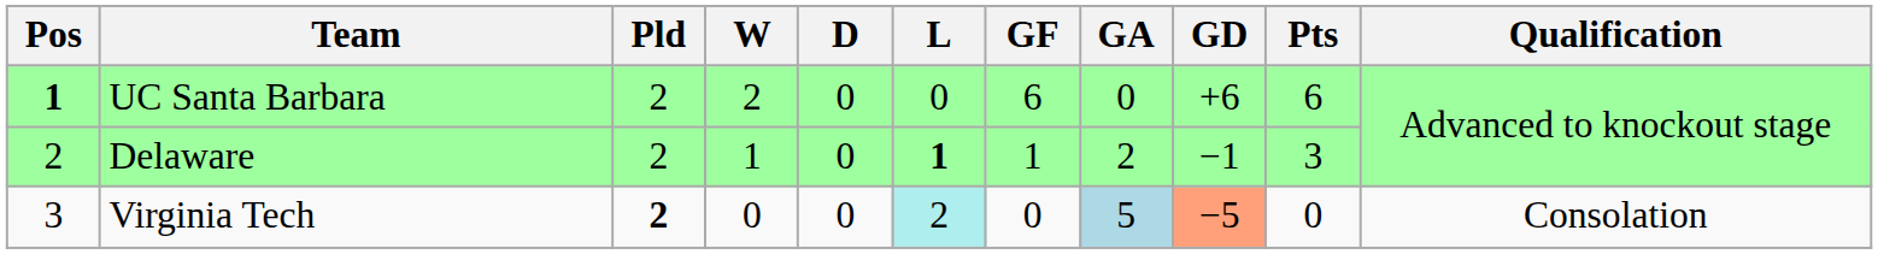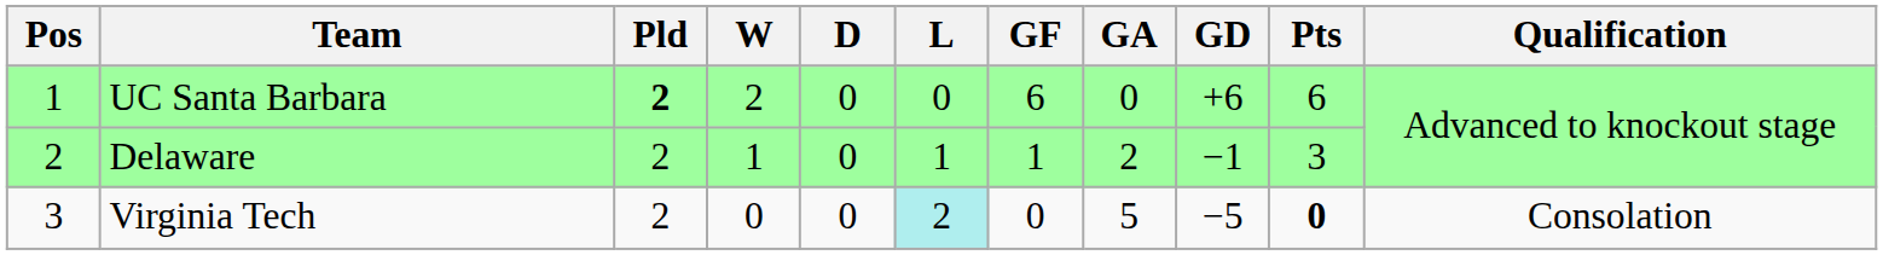 <table class="wikitable" style="text-align:center; margin: 1em auto">
 <tr>
 <th style="width:2em">Pos</th>
 <th style="width:13em">Team</th>
 <th style="width:2em">Pld</th>
 <th style="width:2em">W</th>
 <th style="width:2em">D</th>
 <th style="width:2em">L</th>
 <th style="width:2em">GF</th>
 <th style="width:2em">GA</th>
 <th style="width:2em">GD</th>
 <th style="width:2em">Pts</th>
 <th style="width:13em">Qualification</th>
 </tr>
 <tr bgcolor="#9eff9e">
-<td><strong>1</strong></td>
+<td>1</td>
 <td style="text-align:left">UC Santa Barbara</td>
-<td>2</td>
+<td><strong>2</strong></td>
 <td>2</td>
 <td>0</td>
 <td>0</td>
 <td>6</td>
 <td>0</td>
 <td>+6</td>
 <td>6</td>
 <td rowspan="2">Advanced to knockout stage</td>
 </tr>
 <tr bgcolor="#9eff9e">
 <td>2</td>
 <td style="text-align:left">Delaware</td>
 <td>2</td>
 <td>1</td>
 <td>0</td>
-<td><strong>1</strong></td>
+<td>1</td>
 <td>1</td>
 <td>2</td>
 <td>−1</td>
 <td>3</td>
 </tr>
 <tr>
 <td>3</td>
 <td style="text-align:left">Virginia Tech</td>
-<td><strong>2</strong></td>
+<td>2</td>
 <td>0</td>
 <td>0</td>
 <td style="background: paleturquoise;">2</td>
 <td>0</td>
-<td style="background: lightblue;">5</td>
-<td style="background: lightsalmon;">−5</td>
-<td>0</td>
+<td>5</td>
+<td>−5</td>
+<td><strong>0</strong></td>
 <td>Consolation</td>
 </tr>
 </table>
